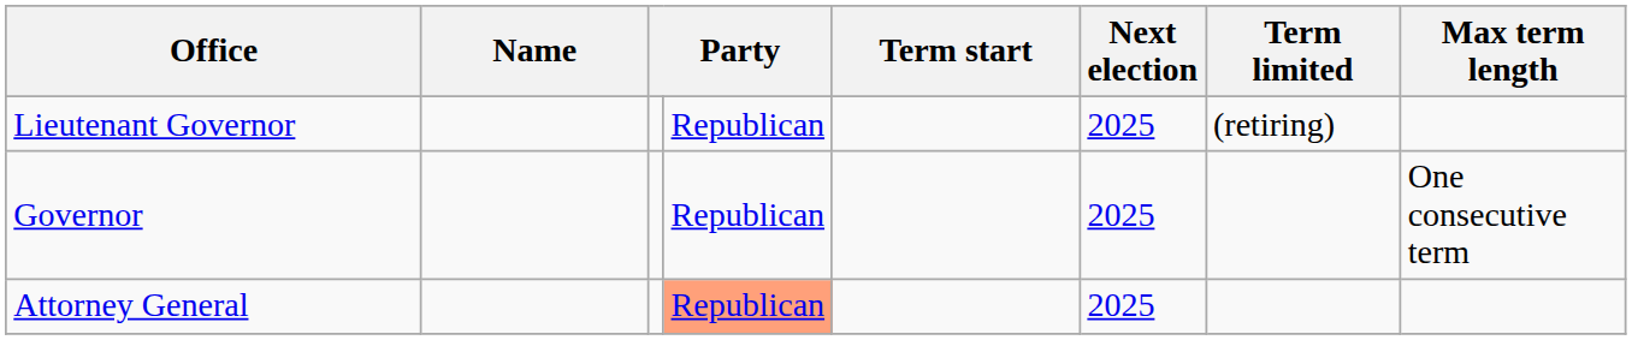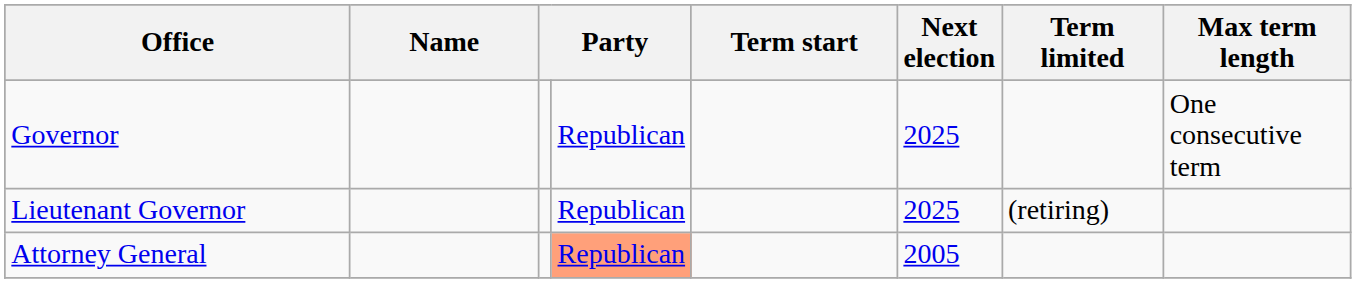 <table class="sortable wikitable">
 <tr>
 <th scope="col" width=190>Office</th>
 <th scope="col" width=100>Name</th>
 <th scope="col" width=75 colspan=2>Party</th>
 <th scope="col" width=110>Term start</th>
 <th scope="col" width=50>Next election</th>
 <th scope="col" width=85>Term limited</th>
 <th scope="col" width=100>Max term length</th>
+</tr>
+<tr>
+<td><a href='#'>Governor</a></td>
+<td></td>
+<td style="background-color:"></td>
+<td><a href='#'>Republican</a></td>
+<td></td>
+<td><a href='#'>2025</a></td>
+<td></td>
+<td>One consecutive term</td>
 </tr>
 <tr>
 <td><a href='#'>Lieutenant Governor</a></td>
 <td></td>
 <td style="background-color:"></td>
 <td><a href='#'>Republican</a></td>
 <td></td>
 <td><a href='#'>2025</a></td>
 <td> (retiring)</td>
 <td></td>
 </tr>
 <tr>
-<td><a href='#'>Governor</a></td>
-<td></td>
-<td style="background-color:"></td>
-<td><a href='#'>Republican</a></td>
-<td></td>
-<td><a href='#'>2025</a></td>
-<td></td>
-<td>One consecutive term</td>
-</tr>
-<tr>
 <td><a href='#'>Attorney General</a></td>
 <td></td>
 <td style="background-color:"></td>
 <td style="background: lightsalmon;"><a href='#'>Republican</a></td>
 <td></td>
-<td><a href='#'>2025</a></td>
+<td><a href='#'>2005</a></td>
 <td></td>
 <td></td>
 </tr>
 </table>
